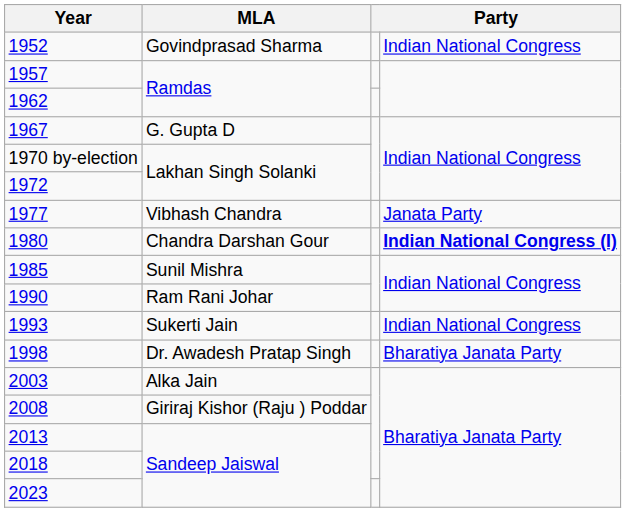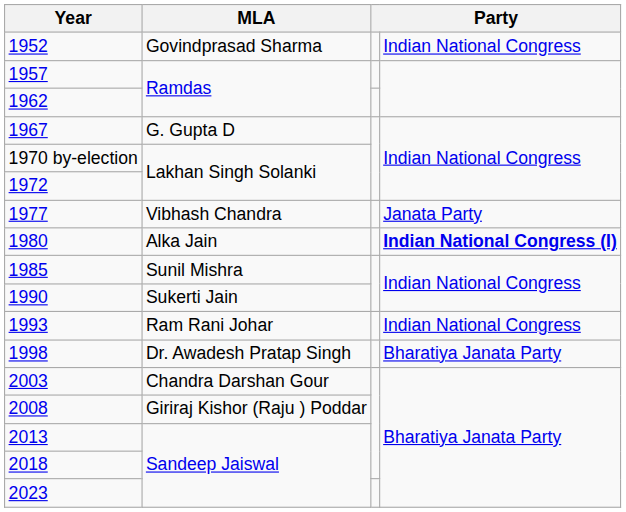 <table class="wikitable sortable">
 <tr>
 <th>Year</th>
 <th>MLA</th>
 <th colspan=2>Party</th>
 </tr>
 <tr>
 <td><a href='#'>1952</a></td>
 <td>Govindprasad Sharma</td>
 <td style="background-color: "></td>
 <td><a href='#'>Indian National Congress</a></td>
 </tr>
 <tr>
 <td><a href='#'>1957</a></td>
 <td rowspan=2><a href='#'>Ramdas</a></td>
 <td></td>
 </tr>
 <tr>
 <td><a href='#'>1962</a></td>
 <td></td>
 </tr>
 <tr>
 <td><a href='#'>1967</a></td>
 <td>G. Gupta D</td>
 <td rowspan=3 style="background-color: "></td>
 <td rowspan=3><a href='#'>Indian National Congress</a></td>
 </tr>
 <tr>
 <td>1970 by-election</td>
 <td rowspan=2>Lakhan Singh Solanki</td>
 </tr>
 <tr>
 <td><a href='#'>1972</a></td>
 </tr>
 <tr>
 <td><a href='#'>1977</a></td>
 <td>Vibhash Chandra</td>
 <td style="background-color: "></td>
 <td><a href='#'>Janata Party</a></td>
 </tr>
 <tr>
 <td><a href='#'>1980</a></td>
-<td>Chandra Darshan Gour</td>
+<td>Alka Jain</td>
 <td style="background-color: "></td>
 <td><strong><a href='#'>Indian National Congress (I)</a></strong></td>
 </tr>
 <tr>
 <td><a href='#'>1985</a></td>
 <td>Sunil Mishra</td>
 <td rowspan=2 style="background-color: "></td>
 <td rowspan=2><a href='#'>Indian National Congress</a></td>
 </tr>
 <tr>
 <td><a href='#'>1990</a></td>
-<td>Ram Rani Johar</td>
+<td>Sukerti Jain</td>
 </tr>
 <tr>
 <td><a href='#'>1993</a></td>
-<td>Sukerti Jain</td>
+<td>Ram Rani Johar</td>
 <td style="background-color: "></td>
 <td><a href='#'>Indian National Congress</a></td>
 </tr>
 <tr>
 <td><a href='#'>1998</a></td>
 <td>Dr. Awadesh Pratap Singh</td>
 <td style="background-color: "></td>
 <td><a href='#'>Bharatiya Janata Party</a></td>
 </tr>
 <tr>
 <td><a href='#'>2003</a></td>
-<td>Alka Jain</td>
+<td>Chandra Darshan Gour</td>
 <td rowspan=4 style="background-color: "></td>
 <td rowspan=5><a href='#'>Bharatiya Janata Party</a></td>
 </tr>
 <tr>
 <td><a href='#'>2008</a></td>
 <td>Giriraj Kishor (Raju ) Poddar</td>
 </tr>
 <tr>
 <td><a href='#'>2013</a></td>
 <td rowspan=3><a href='#'>Sandeep Jaiswal</a></td>
 </tr>
 <tr>
 <td><a href='#'>2018</a></td>
 </tr>
 <tr>
 <td><a href='#'>2023</a></td>
 </tr>
 </table>
